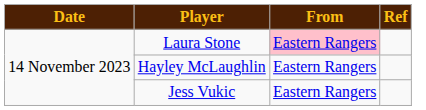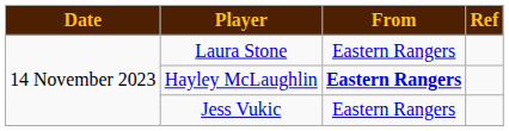 <table class="wikitable" style="text-align:center">
 <tr>
 <th style="background: #4D2004; color: #FBBF15">Date</th>
 <th style="background: #4D2004; color: #FBBF15">Player</th>
 <th style="background: #4D2004; color: #FBBF15">From</th>
 <th style="background: #4D2004; color: #FBBF15">Ref</th>
 </tr>
 <tr>
 <td rowspan=3>14 November 2023</td>
 <td><a href='#'>Laura Stone</a></td>
-<td style="background: pink;"><a href='#'>Eastern Rangers</a></td>
+<td><a href='#'>Eastern Rangers</a></td>
 <td></td>
 </tr>
 <tr>
 <td><a href='#'>Hayley McLaughlin</a></td>
-<td><a href='#'>Eastern Rangers</a></td>
+<td><strong><a href='#'>Eastern Rangers</a></strong></td>
 <td></td>
 </tr>
 <tr>
 <td><a href='#'>Jess Vukic</a></td>
 <td><a href='#'>Eastern Rangers</a></td>
 <td></td>
 </tr>
 </table>
